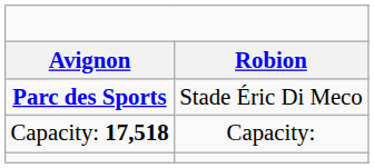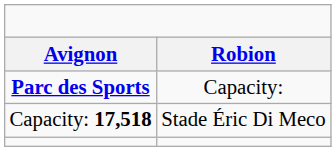 <table class="wikitable" style="text-align:center">
 <tr>
 <td colspan="2"><br></td>
 </tr>
 <tr>
 <th><a href='#'>Avignon</a></th>
 <th><a href='#'>Robion</a></th>
 </tr>
 <tr>
 <td><strong><a href='#'>Parc des Sports</a></strong></td>
-<td>Stade Éric Di Meco</td>
+<td>Capacity:</td>
 </tr>
 <tr>
 <td>Capacity: <strong>17,518</strong></td>
-<td>Capacity:</td>
+<td>Stade Éric Di Meco</td>
 </tr>
 <tr>
 <td></td>
 <td></td>
 </tr>
 </table>
